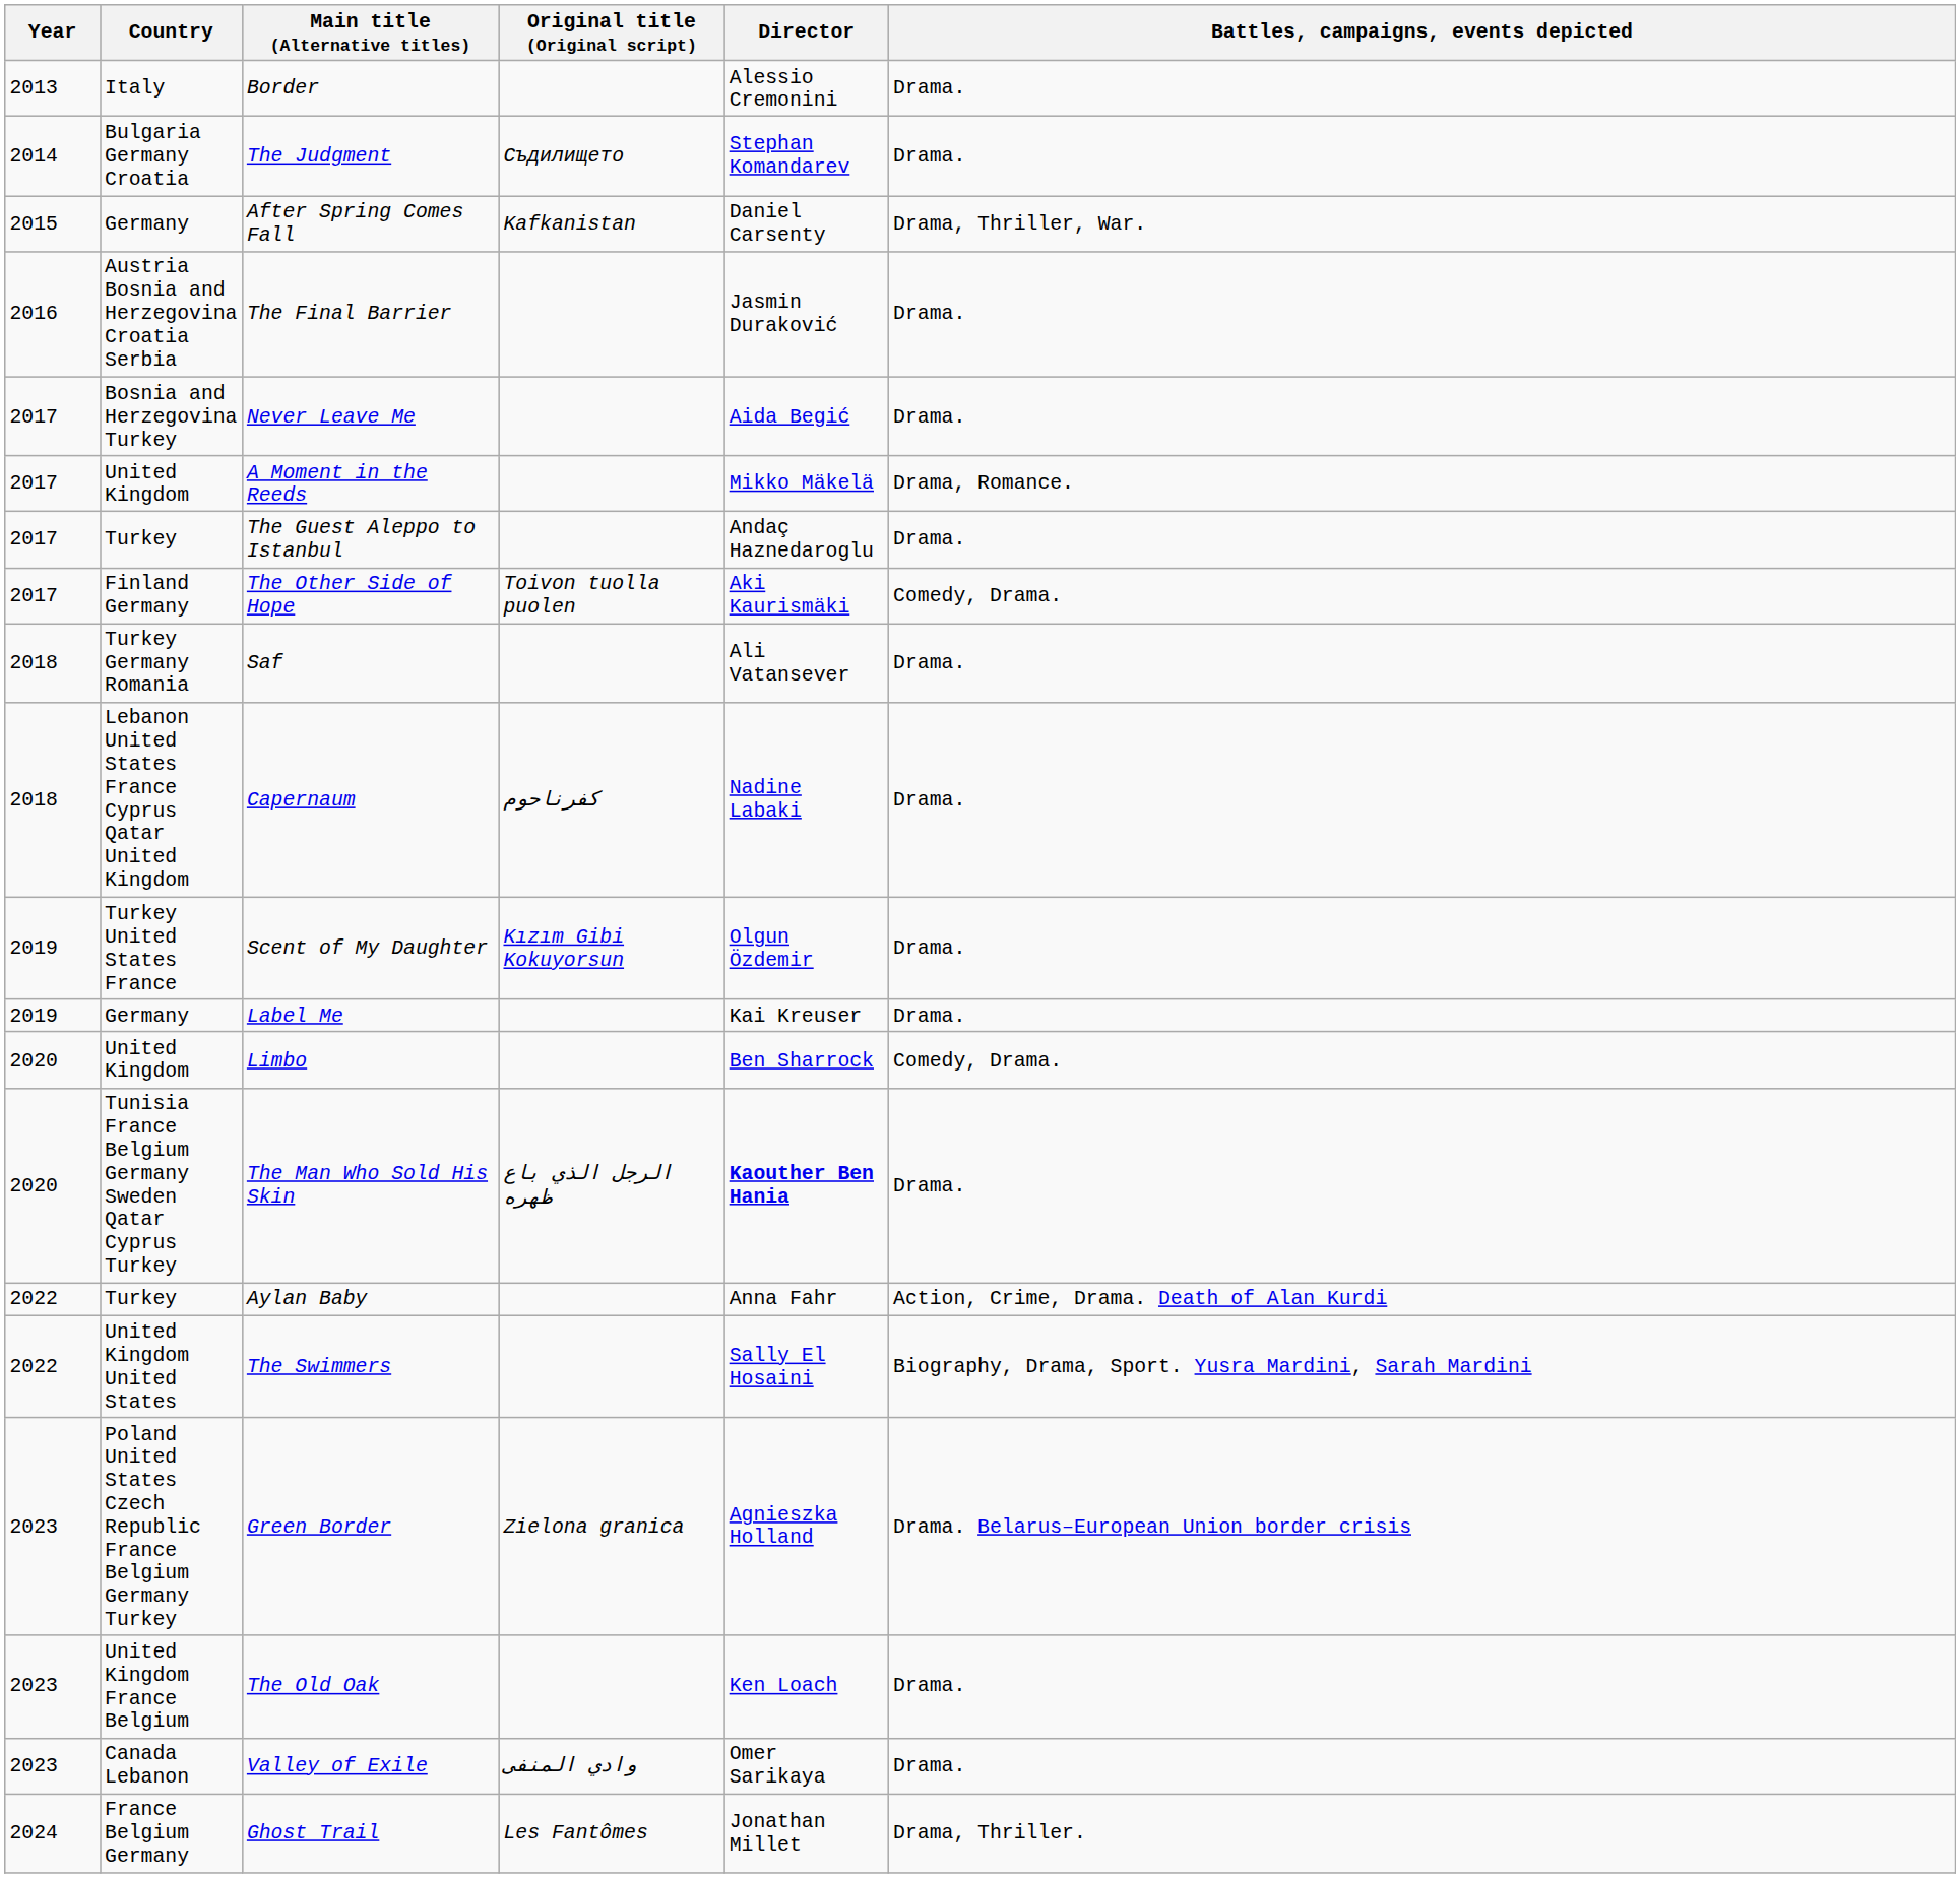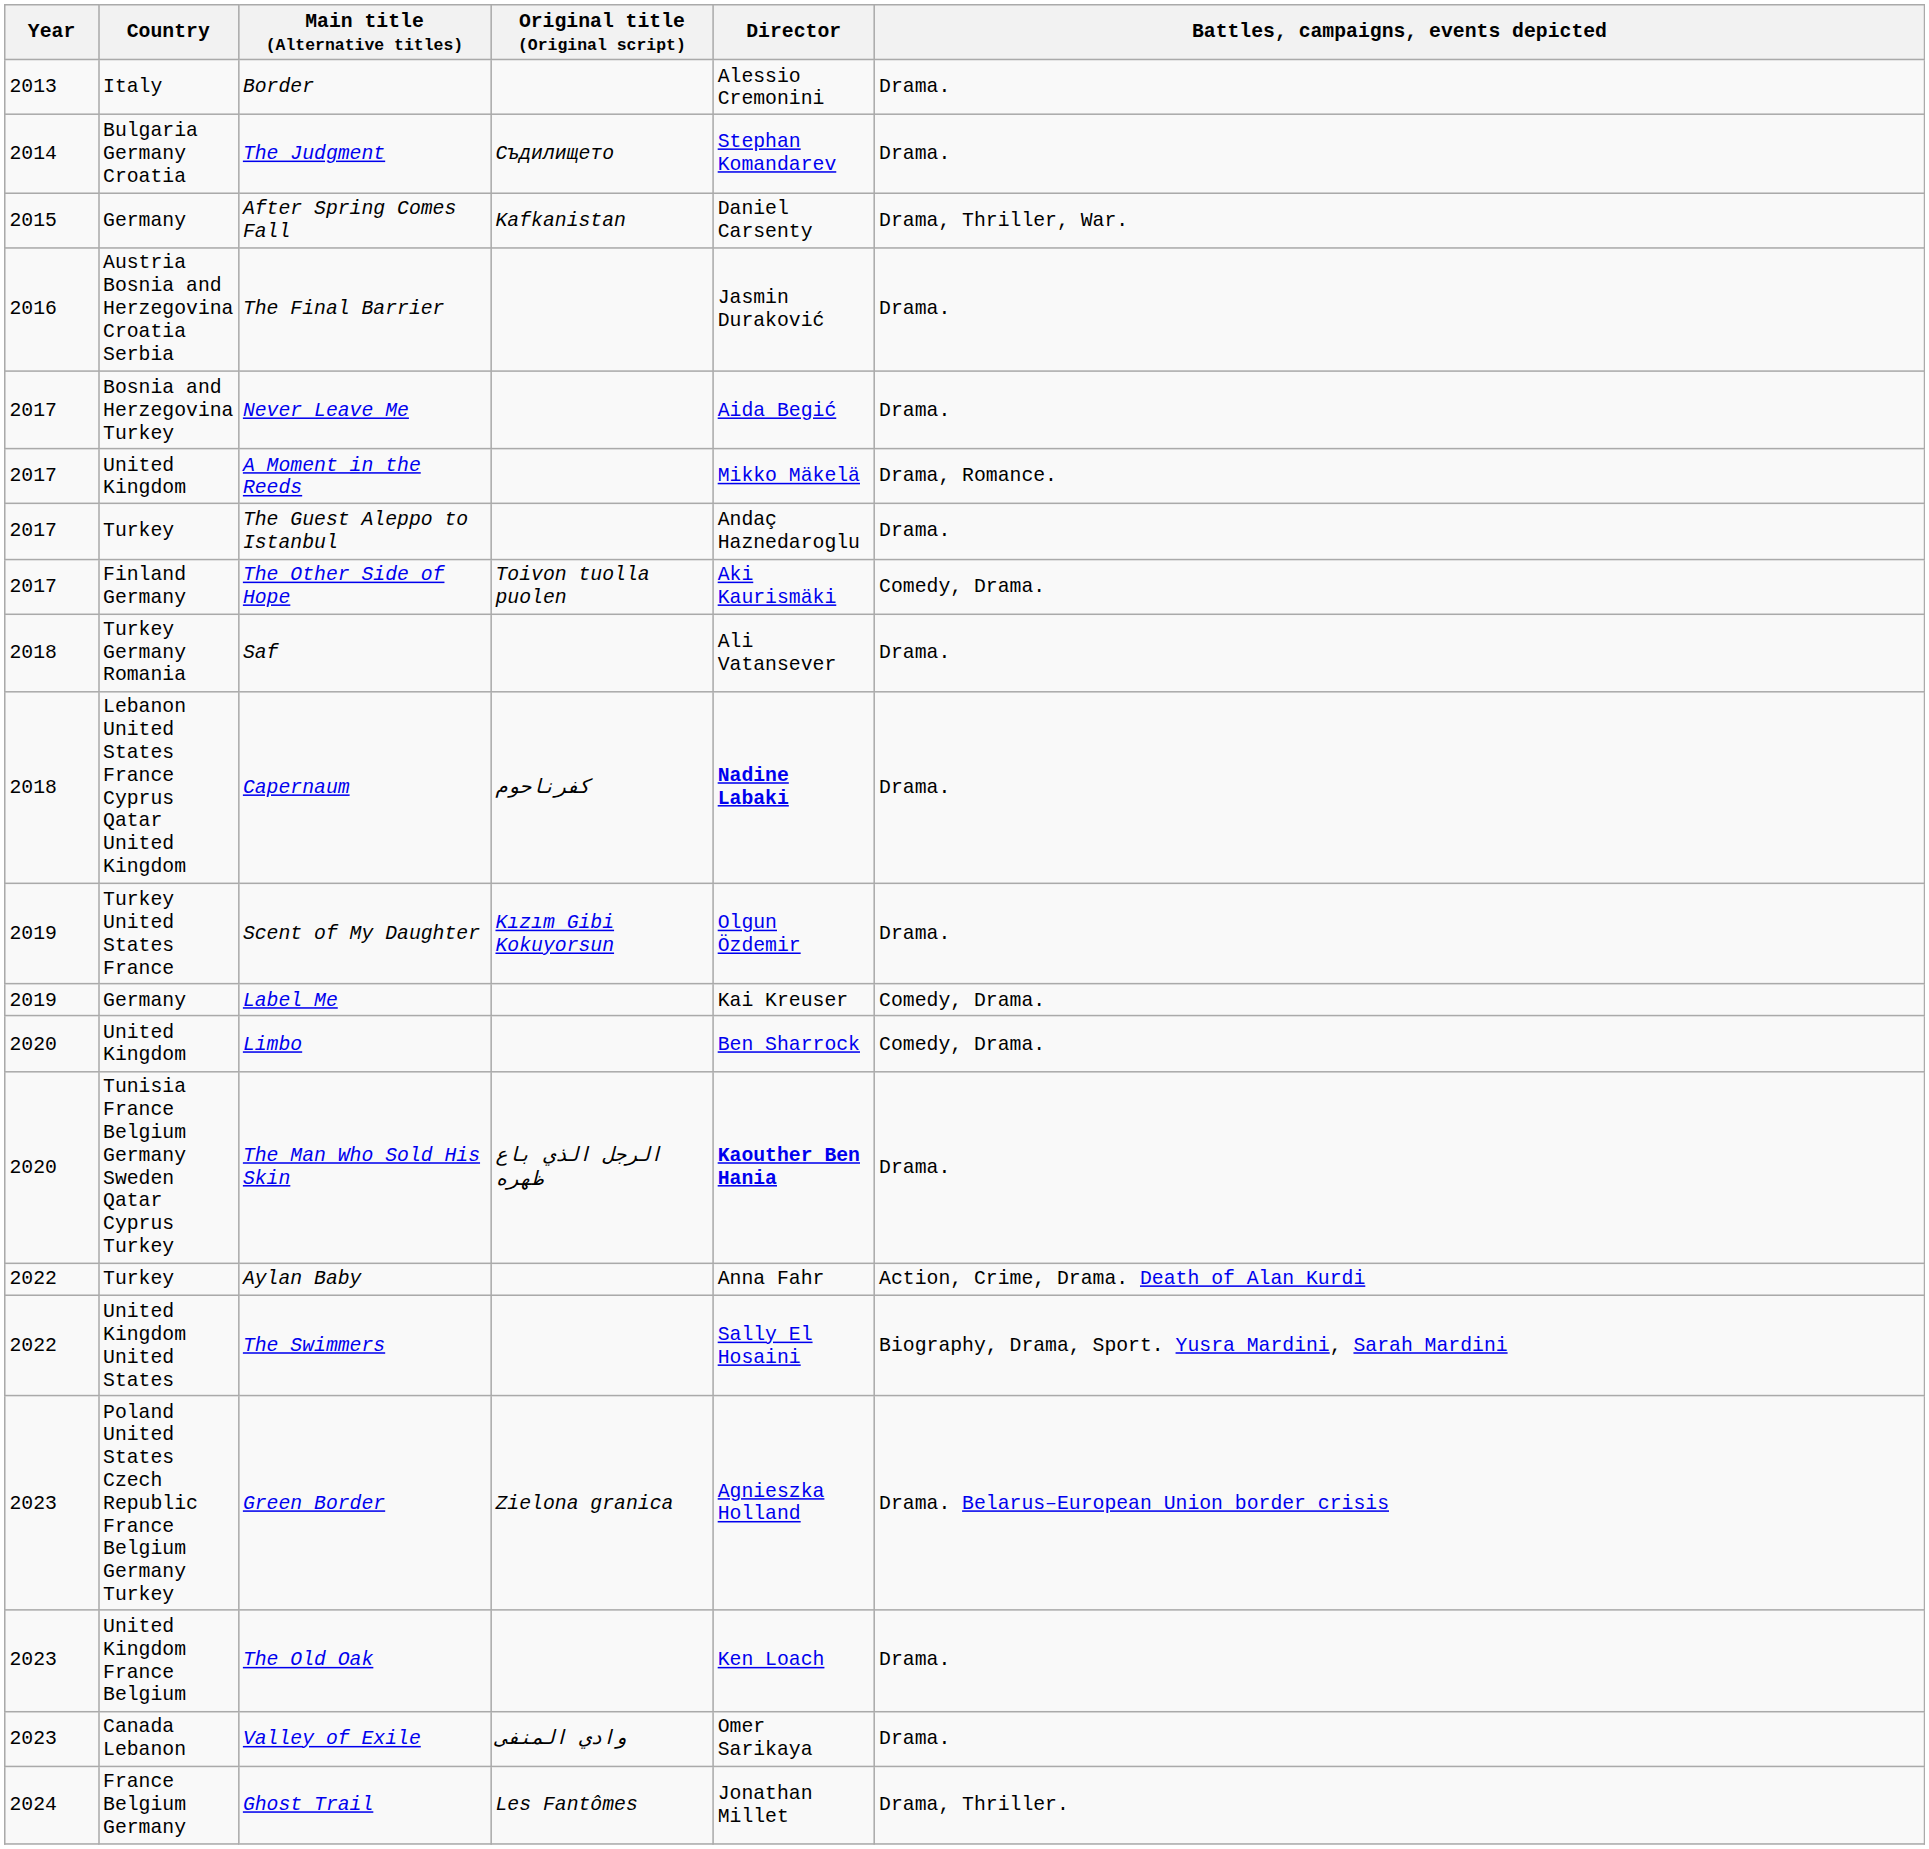 <table class="wikitable sortable" style="width:100%;">
 <tr>
 <th class="unsortable">Year</th>
 <th width= 80>Country</th>
 <th width=160>Main title<br><small>(Alternative titles)</small></th>
 <th width=140>Original title<br><small>(Original script)</small></th>
 <th width=100>Director</th>
 <th class="unsortable">Battles, campaigns, events depicted</th>
 </tr>
 <tr>
 <td>2013</td>
 <td>Italy</td>
 <td><em>Border</em></td>
 <td></td>
 <td>Alessio Cremonini</td>
 <td>Drama.</td>
 </tr>
 <tr>
 <td>2014</td>
 <td>Bulgaria<br>Germany<br>Croatia</td>
 <td><em><a href='#'>The Judgment</a></em></td>
 <td><em>Съдилището</em></td>
 <td><a href='#'>Stephan Komandarev</a></td>
 <td>Drama.</td>
 </tr>
 <tr>
 <td>2015</td>
 <td>Germany</td>
 <td><em>After Spring Comes Fall</em></td>
 <td><em>Kafkanistan</em></td>
 <td>Daniel Carsenty</td>
 <td>Drama, Thriller, War.</td>
 </tr>
 <tr>
 <td>2016</td>
 <td>Austria<br>Bosnia and Herzegovina<br>Croatia<br>Serbia</td>
 <td><em>The Final Barrier</em></td>
 <td></td>
 <td>Jasmin Duraković</td>
 <td>Drama.</td>
 </tr>
 <tr>
 <td>2017</td>
 <td>Bosnia and Herzegovina<br>Turkey</td>
 <td><em><a href='#'>Never Leave Me</a></em></td>
 <td></td>
 <td><a href='#'>Aida Begić</a></td>
 <td>Drama.</td>
 </tr>
 <tr>
 <td>2017</td>
 <td>United Kingdom</td>
 <td><em><a href='#'>A Moment in the Reeds</a></em></td>
 <td></td>
 <td><a href='#'>Mikko Mäkelä</a></td>
 <td>Drama, Romance.</td>
 </tr>
 <tr>
 <td>2017</td>
 <td>Turkey</td>
 <td><em>The Guest Aleppo to Istanbul</em></td>
 <td></td>
 <td>Andaç Haznedaroglu</td>
 <td>Drama.</td>
 </tr>
 <tr>
 <td>2017</td>
 <td>Finland<br>Germany</td>
 <td><em><a href='#'>The Other Side of Hope</a></em></td>
 <td><em>Toivon tuolla puolen</em></td>
 <td><a href='#'>Aki Kaurismäki</a></td>
 <td>Comedy, Drama.</td>
 </tr>
 <tr>
 <td>2018</td>
 <td>Turkey<br>Germany<br>Romania</td>
 <td><em>Saf</em></td>
 <td></td>
 <td>Ali Vatansever</td>
 <td>Drama.</td>
 </tr>
 <tr>
 <td>2018</td>
 <td>Lebanon<br>United States<br>France<br>Cyprus<br>Qatar<br>United Kingdom</td>
 <td><em><a href='#'>Capernaum</a></em></td>
 <td><em>كفرناحوم‎</em></td>
-<td><a href='#'>Nadine Labaki</a></td>
+<td><strong><a href='#'>Nadine Labaki</a></strong></td>
 <td>Drama.</td>
 </tr>
 <tr>
 <td>2019</td>
 <td>Turkey<br>United States<br>France</td>
 <td><em>Scent of My Daughter</em></td>
 <td><em><a href='#'>Kızım Gibi Kokuyorsun</a></em></td>
 <td><a href='#'>Olgun Özdemir</a></td>
 <td>Drama.</td>
 </tr>
 <tr>
 <td>2019</td>
 <td>Germany</td>
 <td><em><a href='#'>Label Me</a></em></td>
 <td></td>
 <td>Kai Kreuser</td>
-<td>Drama.</td>
+<td>Comedy, Drama.</td>
 </tr>
 <tr>
 <td>2020</td>
 <td>United Kingdom</td>
 <td><em><a href='#'>Limbo</a></em></td>
 <td></td>
 <td><a href='#'>Ben Sharrock</a></td>
 <td>Comedy, Drama.</td>
 </tr>
 <tr>
 <td>2020</td>
 <td>Tunisia<br>France<br>Belgium<br>Germany<br>Sweden<br>Qatar<br>Cyprus<br>Turkey</td>
 <td><em><a href='#'>The Man Who Sold His Skin</a></em></td>
 <td><em>الرجل الذي باع ظهره</em></td>
 <td><strong><a href='#'>Kaouther Ben Hania</a></strong></td>
 <td>Drama.</td>
 </tr>
 <tr>
 <td>2022</td>
 <td>Turkey</td>
 <td><em>Aylan Baby</em></td>
 <td></td>
 <td>Anna Fahr</td>
 <td>Action, Crime, Drama. <a href='#'>Death of Alan Kurdi</a></td>
 </tr>
 <tr>
 <td>2022</td>
 <td>United Kingdom<br>United States</td>
 <td><em><a href='#'>The Swimmers</a></em></td>
 <td></td>
 <td><a href='#'>Sally El Hosaini</a></td>
 <td>Biography, Drama, Sport. <a href='#'>Yusra Mardini</a>, <a href='#'>Sarah Mardini</a></td>
 </tr>
 <tr>
 <td>2023</td>
 <td>Poland<br>United States<br>Czech Republic<br>France<br>Belgium<br>Germany<br>Turkey</td>
 <td><em><a href='#'>Green Border</a></em></td>
 <td><em>Zielona granica</em></td>
 <td><a href='#'>Agnieszka Holland</a></td>
 <td>Drama. <a href='#'>Belarus–European Union border crisis</a></td>
 </tr>
 <tr>
 <td>2023</td>
 <td>United Kingdom<br>France<br>Belgium</td>
 <td><em><a href='#'>The Old Oak</a></em></td>
 <td></td>
 <td><a href='#'>Ken Loach</a></td>
 <td>Drama.</td>
 </tr>
 <tr>
 <td>2023</td>
 <td>Canada<br>Lebanon</td>
 <td><em><a href='#'>Valley of Exile</a></em></td>
 <td><em>وادي المنفى</em></td>
 <td>Omer Sarikaya</td>
 <td>Drama.</td>
 </tr>
 <tr>
 <td>2024</td>
 <td>France<br>Belgium<br>Germany</td>
 <td><em><a href='#'>Ghost Trail</a></em></td>
 <td><em>Les Fantômes</em></td>
 <td>Jonathan Millet</td>
 <td>Drama, Thriller.</td>
 </tr>
 </table>
